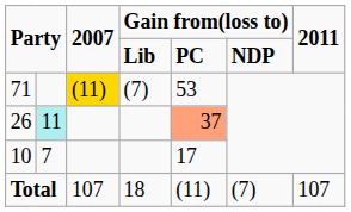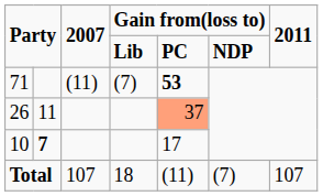 <table class="wikitable">
 <tr>
 <td rowspan="2" colspan="2"><strong>Party</strong></td>
 <td rowspan="2"><strong>2007</strong></td>
 <td colspan="3" align="center"><strong>Gain from(loss to)</strong></td>
 <td rowspan="2"><strong>2011</strong></td>
 </tr>
 <tr>
 <td><strong>Lib</strong></td>
 <td><strong>PC</strong></td>
 <td><strong>NDP</strong></td>
 </tr>
 <tr>
 <td>71</td>
 <td></td>
-<td style="background: gold;">(11)</td>
+<td>(11)</td>
 <td>(7)</td>
-<td>53</td>
+<td><strong>53</strong></td>
 </tr>
 <tr align = "right">
 <td>26</td>
-<td style="background: paleturquoise;">11</td>
+<td>11</td>
 <td></td>
 <td></td>
 <td style="background: lightsalmon;">37</td>
 </tr>
 <tr>
 <td>10</td>
-<td>7</td>
+<td><strong>7</strong></td>
 <td></td>
 <td></td>
 <td>17</td>
 </tr>
 <tr>
 <td colspan=2 align="left"><strong>Total</strong></td>
 <td>107</td>
 <td>18</td>
 <td>(11)</td>
 <td>(7)</td>
 <td>107</td>
 </tr>
 </table>
